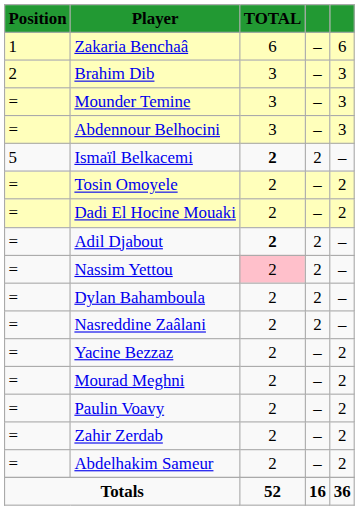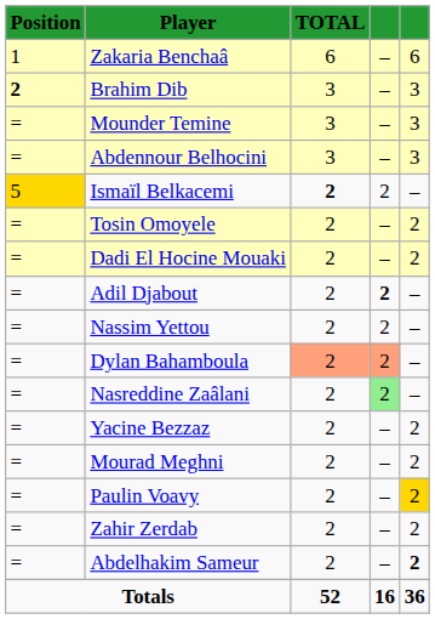 <table border="0" class="wikitable" style="text-align:center;font-size:95%">
 <tr>
 <th scope=col style="color:#000000; background:#229933;">Position</th>
 <th scope=col style="color:#000000; background:#229933;">Player</th>
 <th scope=col style="color:#000000; background:#229933;">TOTAL</th>
 <th scope=col style="color:#000000; background:#229933;" width=10><a href='#'></a></th>
 <th scope=col style="color:#000000; background:#229933;" width=10><a href='#'></a></th>
 </tr>
 <tr style="background:#ffb">
 <td align=left>1</td>
 <td align=left> <a href='#'>Zakaria Benchaâ</a></td>
 <td align=center>6</td>
 <td>–</td>
 <td>6</td>
 </tr>
 <tr style="background:#ffb">
-<td align=left>2</td>
+<td align=left><strong>2</strong></td>
 <td align=left> <a href='#'>Brahim Dib</a></td>
 <td align=center>3</td>
 <td>–</td>
 <td>3</td>
 </tr>
 <tr style="background:#ffb">
 <td align=left>=</td>
 <td align=left> <a href='#'>Mounder Temine</a></td>
 <td align=center>3</td>
 <td>–</td>
 <td>3</td>
 </tr>
 <tr style="background:#ffb">
 <td align=left>=</td>
 <td align=left> <a href='#'>Abdennour Belhocini</a></td>
 <td align=center>3</td>
 <td>–</td>
 <td>3</td>
 </tr>
 <tr>
-<td align=left>5</td>
+<td align=left style="background: gold;">5</td>
 <td align=left> <a href='#'>Ismaïl Belkacemi</a></td>
 <td align=center><strong>2</strong></td>
 <td>2</td>
 <td>–</td>
 </tr>
 <tr style="background:#ffb">
 <td align=left>=</td>
 <td align=left> <a href='#'>Tosin Omoyele</a></td>
 <td align=center>2</td>
 <td>–</td>
 <td>2</td>
 </tr>
 <tr style="background:#ffb">
 <td align=left>=</td>
 <td align=left> <a href='#'>Dadi El Hocine Mouaki</a></td>
 <td align=center>2</td>
 <td>–</td>
 <td>2</td>
 </tr>
 <tr>
 <td align=left>=</td>
 <td align=left> <a href='#'>Adil Djabout</a></td>
-<td align=center><strong>2</strong></td>
-<td>2</td>
+<td align=center>2</td>
+<td><strong>2</strong></td>
 <td>–</td>
 </tr>
 <tr>
 <td align=left>=</td>
 <td align=left> <a href='#'>Nassim Yettou</a></td>
-<td align=center style="background: pink;">2</td>
+<td align=center>2</td>
 <td>2</td>
 <td>–</td>
 </tr>
 <tr>
 <td align=left>=</td>
 <td align=left> <a href='#'>Dylan Bahamboula</a></td>
-<td align=center>2</td>
-<td>2</td>
+<td align=center style="background: lightsalmon;">2</td>
+<td style="background: lightsalmon;">2</td>
 <td>–</td>
 </tr>
 <tr>
 <td align=left>=</td>
 <td align=left> <a href='#'>Nasreddine Zaâlani</a></td>
 <td align=center>2</td>
-<td>2</td>
+<td style="background: lightgreen;">2</td>
 <td>–</td>
 </tr>
 <tr>
 <td align=left>=</td>
 <td align=left> <a href='#'>Yacine Bezzaz</a></td>
 <td align=center>2</td>
 <td>–</td>
 <td>2</td>
 </tr>
 <tr>
 <td align=left>=</td>
 <td align=left> <a href='#'>Mourad Meghni</a></td>
 <td align=center>2</td>
 <td>–</td>
 <td>2</td>
 </tr>
 <tr>
 <td align=left>=</td>
 <td align=left> <a href='#'>Paulin Voavy</a></td>
 <td align=center>2</td>
 <td>–</td>
-<td>2</td>
+<td style="background: gold;">2</td>
 </tr>
 <tr>
 <td align=left>=</td>
 <td align=left> <a href='#'>Zahir Zerdab</a></td>
 <td align=center>2</td>
 <td>–</td>
 <td>2</td>
 </tr>
 <tr>
 <td align=left>=</td>
 <td align=left> <a href='#'>Abdelhakim Sameur</a></td>
 <td align=center>2</td>
 <td>–</td>
-<td>2</td>
+<td><strong>2</strong></td>
 </tr>
 <tr>
 </tr>
 <tr class="sortbottom">
 <td colspan="2"><strong>Totals</strong></td>
 <td align=center><strong>52</strong></td>
 <td><strong>16</strong></td>
 <td><strong>36</strong></td>
 </tr>
 </table>
